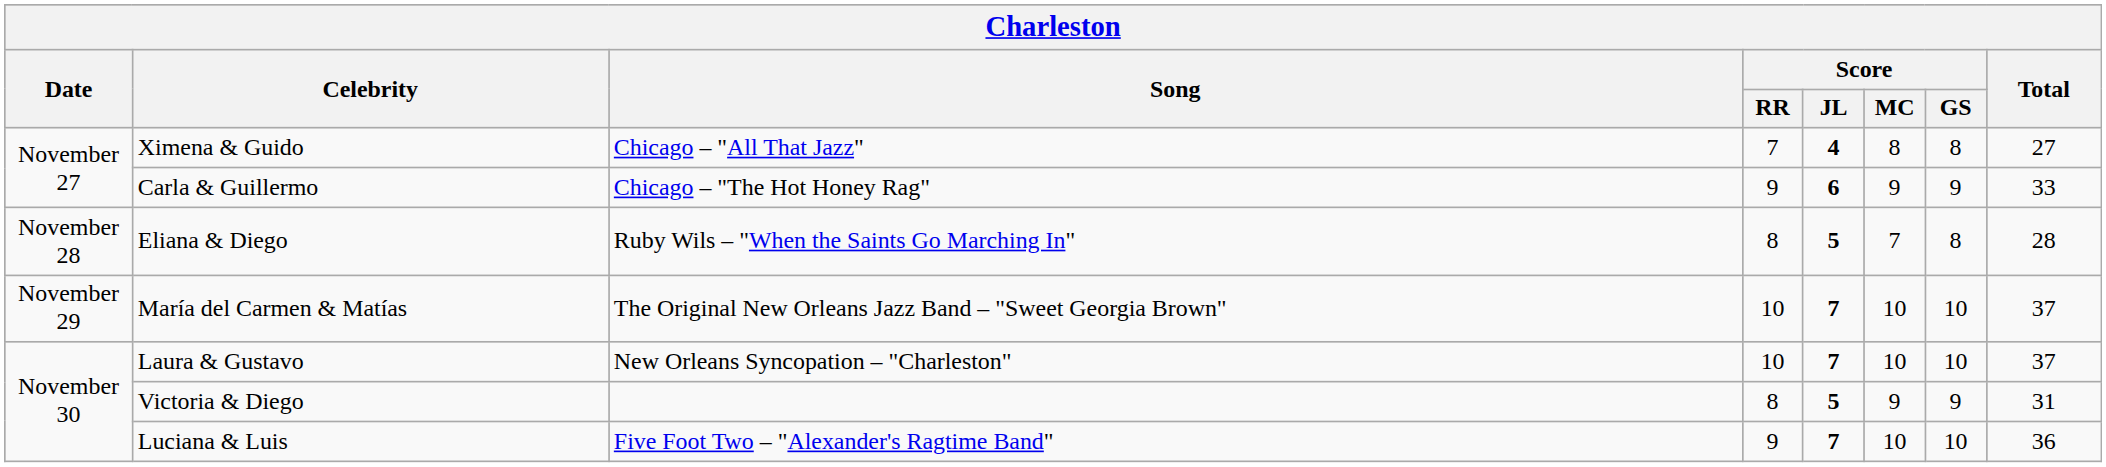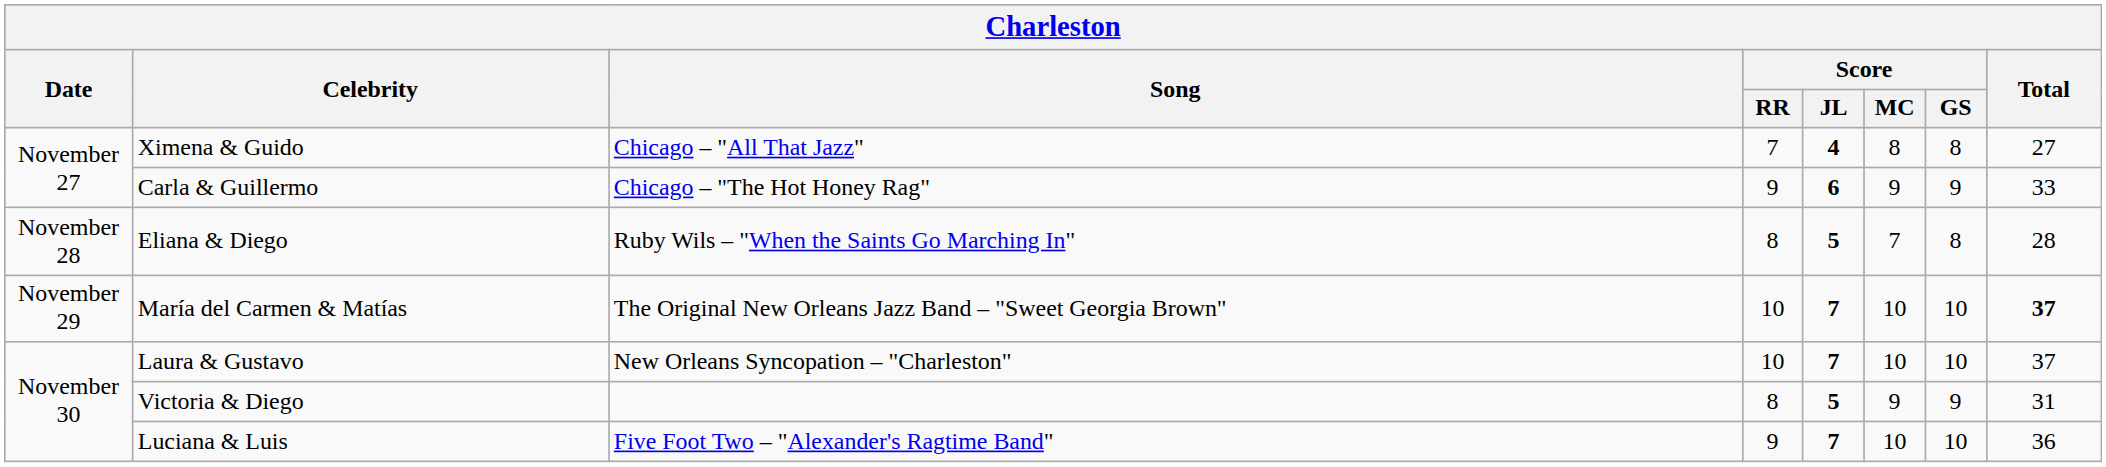 <table class="wikitable collapsible collapsed" style="font-size:90%; text-align: center; width: 100%;">
 <tr>
 <th colspan="11" style="with: 95%;"><big><a href='#'>Charleston</a></big></th>
 </tr>
 <tr>
 <th width=70 rowspan="2">Date</th>
 <th width=280 rowspan="2">Celebrity</th>
 <th rowspan="2">Song</th>
 <th colspan="4">Score</th>
 <th rowspan="2">Total</th>
 </tr>
 <tr>
 <th width=30>RR</th>
 <th width=30>JL</th>
 <th width=30>MC</th>
 <th width=30>GS</th>
 </tr>
 <tr>
 <td rowspan="2">November 27</td>
 <td style="text-align:left;">Ximena & Guido</td>
 <td style="text-align:left;"><a href='#'>Chicago</a> – "<a href='#'>All That Jazz</a>"</td>
 <td>7</td>
 <td><strong>4</strong></td>
 <td>8</td>
 <td>8</td>
 <td>27</td>
 </tr>
 <tr>
 <td style="text-align:left;">Carla & Guillermo</td>
 <td style="text-align:left;"><a href='#'>Chicago</a> – "The Hot Honey Rag"</td>
 <td>9</td>
 <td><strong>6</strong></td>
 <td>9</td>
 <td>9</td>
 <td>33</td>
 </tr>
 <tr>
 <td>November 28</td>
 <td style="text-align:left;">Eliana & Diego</td>
 <td style="text-align:left;">Ruby Wils – "<a href='#'>When the Saints Go Marching In</a>"</td>
 <td>8</td>
 <td><strong>5</strong></td>
 <td>7</td>
 <td>8</td>
 <td>28</td>
 </tr>
 <tr>
 <td>November 29</td>
 <td style="text-align:left;">María del Carmen & Matías</td>
 <td style="text-align:left;">The Original New Orleans Jazz Band – "Sweet Georgia Brown"</td>
 <td>10</td>
 <td><strong>7</strong></td>
 <td>10</td>
 <td>10</td>
-<td>37</td>
+<td><strong>37</strong></td>
 </tr>
 <tr>
 <td rowspan="3">November 30</td>
 <td style="text-align:left;">Laura & Gustavo</td>
 <td style="text-align:left;">New Orleans Syncopation – "Charleston"</td>
 <td>10</td>
 <td><strong>7</strong></td>
 <td>10</td>
 <td>10</td>
 <td>37</td>
 </tr>
 <tr>
 <td style="text-align:left;">Victoria & Diego</td>
 <td></td>
 <td>8</td>
 <td><strong>5</strong></td>
 <td>9</td>
 <td>9</td>
 <td>31</td>
 </tr>
 <tr>
 <td style="text-align:left;">Luciana & Luis</td>
 <td style="text-align:left;"><a href='#'>Five Foot Two</a> – "<a href='#'>Alexander's Ragtime Band</a>"</td>
 <td>9</td>
 <td><strong>7</strong></td>
 <td>10</td>
 <td>10</td>
 <td>36</td>
 </tr>
 </table>
